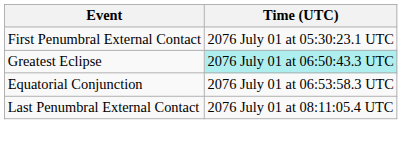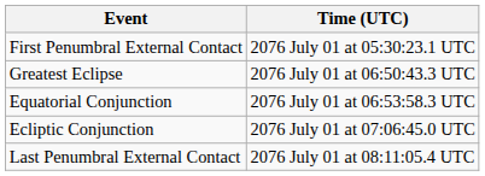 <table class="wikitable">
 <tr>
 <th>Event</th>
 <th>Time (UTC)</th>
 </tr>
 <tr>
 <td>First Penumbral External Contact</td>
 <td>2076 July 01 at 05:30:23.1 UTC</td>
 </tr>
 <tr>
 <td>Greatest Eclipse</td>
-<td style="background: paleturquoise;">2076 July 01 at 06:50:43.3 UTC</td>
+<td>2076 July 01 at 06:50:43.3 UTC</td>
 </tr>
 <tr>
 <td>Equatorial Conjunction</td>
 <td>2076 July 01 at 06:53:58.3 UTC</td>
 </tr>
 <tr>
+<td>Ecliptic Conjunction</td>
+<td>2076 July 01 at 07:06:45.0 UTC</td>
+</tr>
+<tr>
 <td>Last Penumbral External Contact</td>
 <td>2076 July 01 at 08:11:05.4 UTC</td>
 </tr>
 </table>
